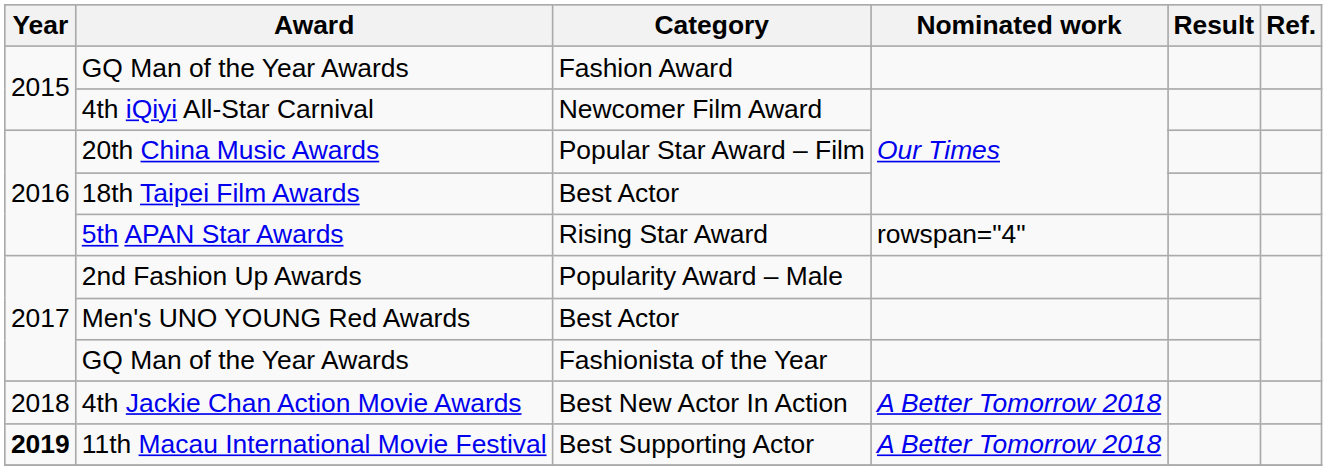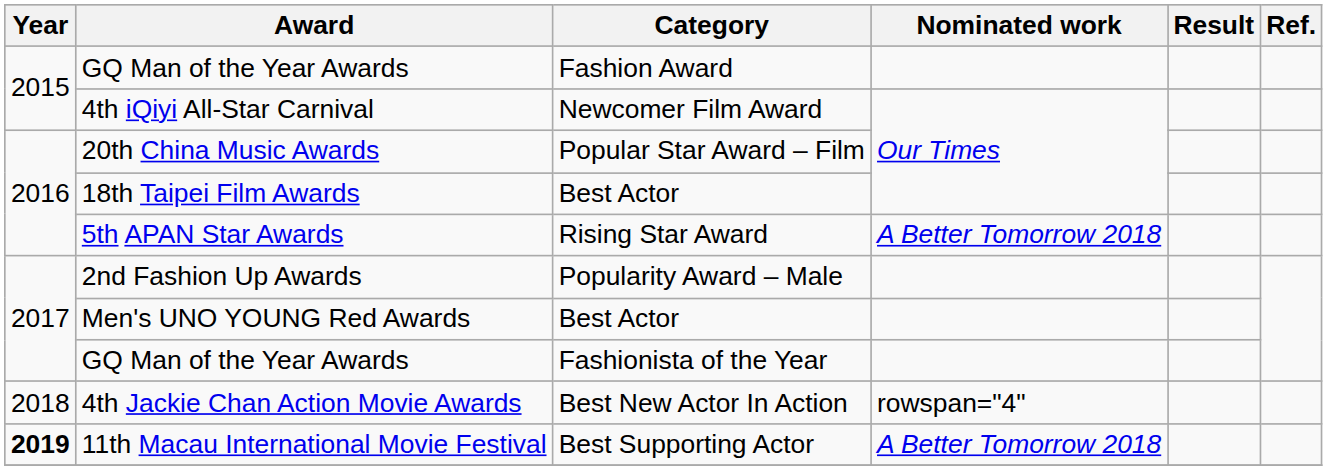 <table class="wikitable sortable">
 <tr>
 <th>Year</th>
 <th>Award</th>
 <th>Category</th>
 <th>Nominated work</th>
 <th>Result</th>
 <th>Ref.</th>
 </tr>
 <tr>
 <td rowspan="2">2015</td>
 <td>GQ Man of the Year Awards</td>
 <td>Fashion Award</td>
 <td></td>
 <td></td>
 <td></td>
 </tr>
 <tr>
 <td>4th <a href='#'>iQiyi</a> All-Star Carnival</td>
 <td>Newcomer Film Award</td>
 <td rowspan="3"><em><a href='#'>Our Times</a></em></td>
 <td></td>
 <td></td>
 </tr>
 <tr>
 <td rowspan="3">2016</td>
 <td>20th <a href='#'>China Music Awards</a></td>
 <td>Popular Star Award – Film</td>
 <td></td>
 <td></td>
 </tr>
 <tr>
 <td>18th <a href='#'>Taipei Film Awards</a></td>
 <td>Best Actor</td>
 <td></td>
 <td></td>
 </tr>
 <tr>
 <td><a href='#'>5th</a> <a href='#'>APAN Star Awards</a></td>
 <td>Rising Star Award</td>
-<td>rowspan="4" </td>
+<td><em><a href='#'>A Better Tomorrow 2018</a></em></td>
 <td></td>
 <td></td>
 </tr>
 <tr>
 <td rowspan="3">2017</td>
 <td>2nd Fashion Up Awards</td>
 <td>Popularity Award – Male</td>
 <td></td>
 <td></td>
 </tr>
 <tr>
 <td>Men's UNO YOUNG Red Awards</td>
 <td>Best Actor</td>
 <td></td>
 <td></td>
 </tr>
 <tr>
 <td>GQ Man of the Year Awards</td>
 <td>Fashionista of the Year</td>
 <td></td>
 <td></td>
 </tr>
 <tr>
 <td>2018</td>
 <td>4th <a href='#'>Jackie Chan Action Movie Awards</a></td>
 <td>Best New Actor In Action</td>
-<td><em><a href='#'>A Better Tomorrow 2018</a></em></td>
+<td>rowspan="4" </td>
 <td></td>
 <td></td>
 </tr>
 <tr>
 <td><strong>2019</strong></td>
 <td>11th <a href='#'>Macau International Movie Festival</a></td>
 <td>Best Supporting Actor</td>
 <td><em><a href='#'>A Better Tomorrow 2018</a></em></td>
 <td></td>
 <td></td>
 </tr>
 <tr>
 </tr>
 </table>
